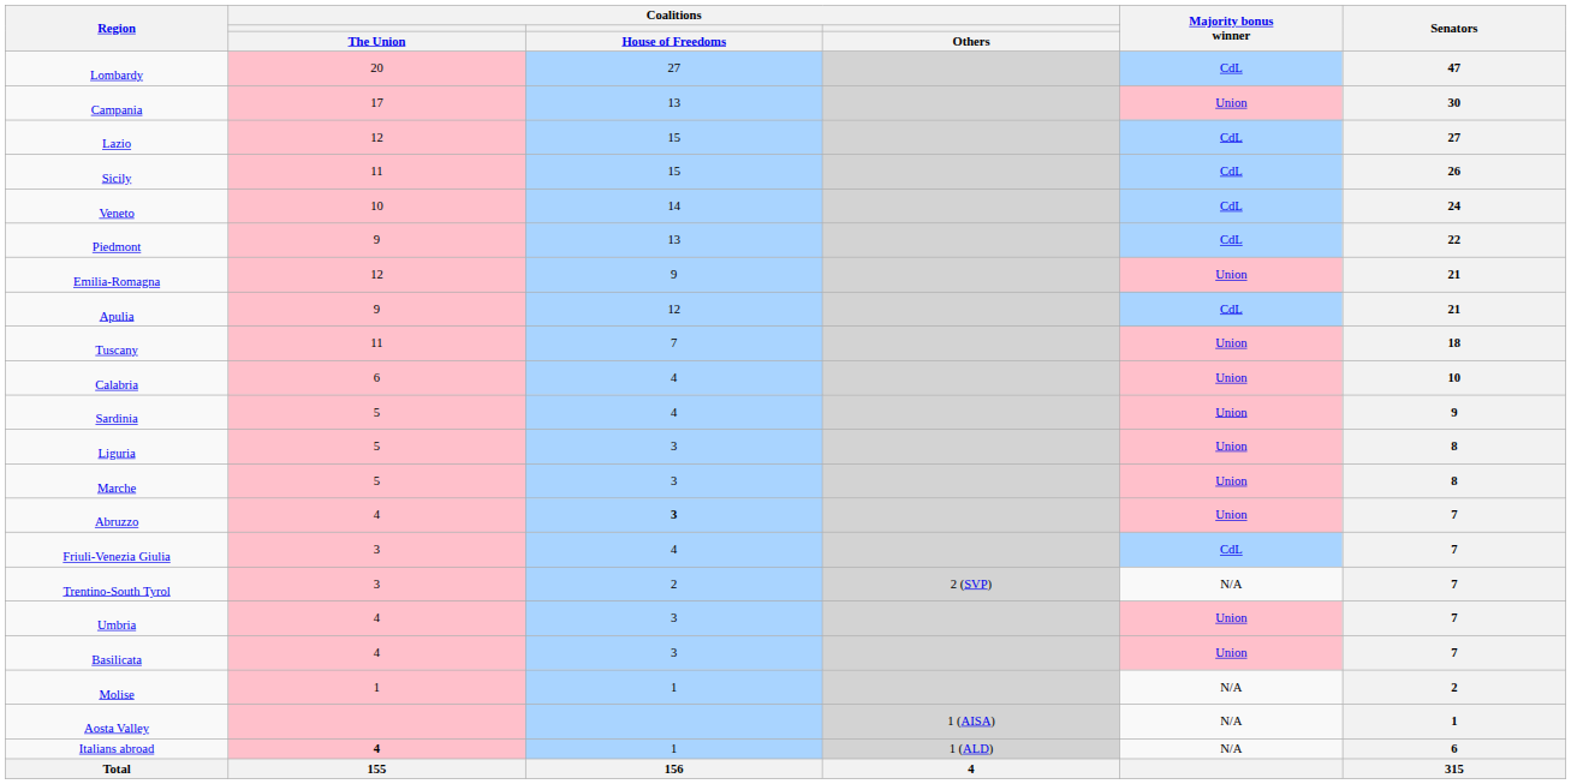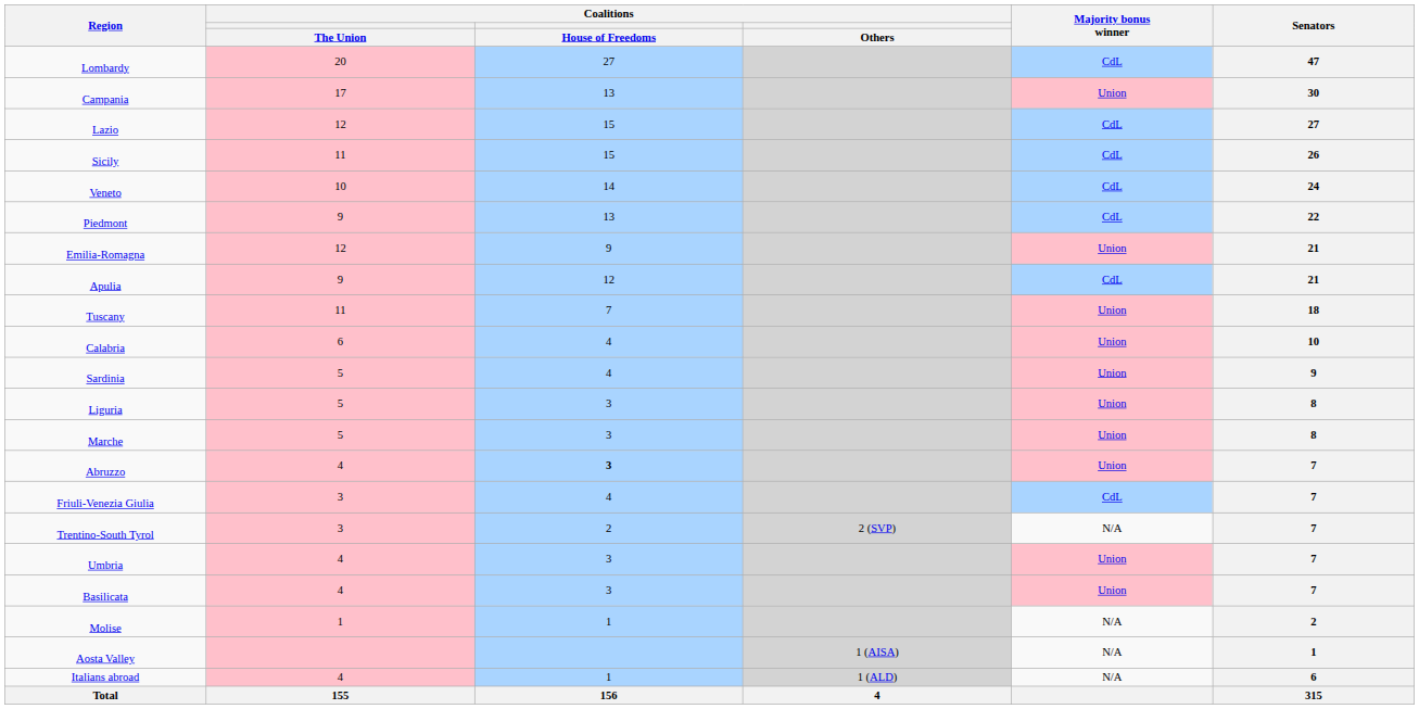 <table class="wikitable" style="text-align:center">
 <tr>
 <th style="width: 5%" rowspan="3"><a href='#'>Region</a></th>
 <th style="width: 20%" colspan=3>Coalitions</th>
 <th style="width: 5%" rowspan="3"><a href='#'>Majority bonus</a><br>winner</th>
 <th style="width: 5%" rowspan="3">Senators</th>
 </tr>
 <tr>
 <th style="width:80px; background-color:"></th>
 <th style="width:80px; background-color:"></th>
 <th style="width:80px; background-color:"></th>
 </tr>
 <tr>
 <th style="width:80px;"><a href='#'>The Union</a></th>
 <th style="width:80px;"><a href='#'>House of Freedoms</a></th>
 <th style="width:80px;">Others</th>
 </tr>
 <tr>
 <td><br><a href='#'>Lombardy</a></td>
 <td style="background:pink; text-align:center;">20</td>
 <td style="background:#a9d4ff; text-align:center;">27</td>
 <td style="background:lightgrey; text-align:center;"></td>
 <td style="background:#a9d4ff; text-align:center;"><a href='#'>CdL</a></td>
 <th>47</th>
 </tr>
 <tr>
 <td><br><a href='#'>Campania</a></td>
 <td style="background:pink; text-align:center;">17</td>
 <td style="background:#a9d4ff; text-align:center;">13</td>
 <td style="background:lightgrey; text-align:center;"></td>
 <td style="background:pink; text-align:center;"><a href='#'>Union</a></td>
 <th>30</th>
 </tr>
 <tr>
 <td><br><a href='#'>Lazio</a></td>
 <td style="background:pink; text-align:center;">12</td>
 <td style="background:#a9d4ff; text-align:center;">15</td>
 <td style="background:lightgrey; text-align:center;"></td>
 <td style="background:#a9d4ff; text-align:center;"><a href='#'>CdL</a></td>
 <th>27</th>
 </tr>
 <tr>
 <td><br><a href='#'>Sicily</a></td>
 <td style="background:pink; text-align:center;">11</td>
 <td style="background:#a9d4ff; text-align:center;">15</td>
 <td style="background:lightgrey; text-align:center;"></td>
 <td style="background:#a9d4ff; text-align:center;"><a href='#'>CdL</a></td>
 <th>26</th>
 </tr>
 <tr>
 <td><br><a href='#'>Veneto</a></td>
 <td style="background:pink; text-align:center;">10</td>
 <td style="background:#a9d4ff; text-align:center;">14</td>
 <td style="background:lightgrey; text-align:center;"></td>
 <td style="background:#a9d4ff; text-align:center;"><a href='#'>CdL</a></td>
 <th>24</th>
 </tr>
 <tr>
 <td><br><a href='#'>Piedmont</a></td>
 <td style="background:pink; text-align:center;">9</td>
 <td style="background:#a9d4ff; text-align:center;">13</td>
 <td style="background:lightgrey; text-align:center;"></td>
 <td style="background:#a9d4ff; text-align:center;"><a href='#'>CdL</a></td>
 <th>22</th>
 </tr>
 <tr>
 <td><br><a href='#'>Emilia-Romagna</a></td>
 <td style="background:pink; text-align:center;">12</td>
 <td style="background:#a9d4ff; text-align:center;">9</td>
 <td style="background:lightgrey; text-align:center;"></td>
 <td style="background:pink; text-align:center;"><a href='#'>Union</a></td>
 <th>21</th>
 </tr>
 <tr>
 <td><br><a href='#'>Apulia</a></td>
 <td style="background:pink; text-align:center;">9</td>
 <td style="background:#a9d4ff; text-align:center;">12</td>
 <td style="background:lightgrey; text-align:center;"></td>
 <td style="background:#a9d4ff; text-align:center;"><a href='#'>CdL</a></td>
 <th>21</th>
 </tr>
 <tr>
 <td><br><a href='#'>Tuscany</a></td>
 <td style="background:pink; text-align:center;">11</td>
 <td style="background:#a9d4ff; text-align:center;">7</td>
 <td style="background:lightgrey; text-align:center;"></td>
 <td style="background:pink; text-align:center;"><a href='#'>Union</a></td>
 <th>18</th>
 </tr>
 <tr>
 <td><br><a href='#'>Calabria</a></td>
 <td style="background:pink; text-align:center;">6</td>
 <td style="background:#a9d4ff; text-align:center;">4</td>
 <td style="background:lightgrey; text-align:center;"></td>
 <td style="background:pink; text-align:center;"><a href='#'>Union</a></td>
 <th>10</th>
 </tr>
 <tr>
 <td><br><a href='#'>Sardinia</a></td>
 <td style="background:pink; text-align:center;">5</td>
 <td style="background:#a9d4ff; text-align:center;">4</td>
 <td style="background:lightgrey; text-align:center;"></td>
 <td style="background:pink; text-align:center;"><a href='#'>Union</a></td>
 <th>9</th>
 </tr>
 <tr>
 <td><br><a href='#'>Liguria</a></td>
 <td style="background:pink; text-align:center;">5</td>
 <td style="background:#a9d4ff; text-align:center;">3</td>
 <td style="background:lightgrey; text-align:center;"></td>
 <td style="background:pink; text-align:center;"><a href='#'>Union</a></td>
 <th>8</th>
 </tr>
 <tr>
 <td><br><a href='#'>Marche</a></td>
 <td style="background:pink; text-align:center;">5</td>
 <td style="background:#a9d4ff; text-align:center;">3</td>
 <td style="background:lightgrey; text-align:center;"></td>
 <td style="background:pink; text-align:center;"><a href='#'>Union</a></td>
 <th>8</th>
 </tr>
 <tr>
 <td><br><a href='#'>Abruzzo</a></td>
 <td style="background:pink; text-align:center;">4</td>
 <td style="background:#a9d4ff; text-align:center;"><strong>3</strong></td>
 <td style="background:lightgrey; text-align:center;"></td>
 <td style="background:pink; text-align:center;"><a href='#'>Union</a></td>
 <th>7</th>
 </tr>
 <tr>
 <td><br><a href='#'>Friuli-Venezia Giulia</a></td>
 <td style="background:pink; text-align:center;">3</td>
 <td style="background:#a9d4ff; text-align:center;">4</td>
 <td style="background:lightgrey; text-align:center;"></td>
 <td style="background:#a9d4ff; text-align:center;"><a href='#'>CdL</a></td>
 <th>7</th>
 </tr>
 <tr>
 <td><br><a href='#'>Trentino-South Tyrol</a></td>
 <td style="background:pink; text-align:center;">3</td>
 <td style="background:#a9d4ff; text-align:center;">2</td>
 <td style="background:lightgrey; text-align:center;">2 (<a href='#'>SVP</a>)</td>
 <td style="text-align:center;">N/A</td>
 <th>7</th>
 </tr>
 <tr>
 <td><br><a href='#'>Umbria</a></td>
 <td style="background:pink; text-align:center;">4</td>
 <td style="background:#a9d4ff; text-align:center;">3</td>
 <td style="background:lightgrey; text-align:center;"></td>
 <td style="background:pink; text-align:center;"><a href='#'>Union</a></td>
 <th>7</th>
 </tr>
 <tr>
 <td><br><a href='#'>Basilicata</a></td>
 <td style="background:pink; text-align:center;">4</td>
 <td style="background:#a9d4ff; text-align:center;">3</td>
 <td style="background:lightgrey; text-align:center;"></td>
 <td style="background:pink; text-align:center;"><a href='#'>Union</a></td>
 <th>7</th>
 </tr>
 <tr>
 <td><br><a href='#'>Molise</a></td>
 <td style="background:pink; text-align:center;">1</td>
 <td style="background:#a9d4ff; text-align:center;">1</td>
 <td style="background:lightgrey; text-align:center;"></td>
 <td style="text-align:center;">N/A</td>
 <th>2</th>
 </tr>
 <tr>
 <td><br><a href='#'>Aosta Valley</a></td>
 <td style="background:pink; text-align:center;"></td>
 <td style="background:#a9d4ff; text-align:center;"></td>
 <td style="background:lightgrey; text-align:center;">1 (<a href='#'>AISA</a>)</td>
 <td style="text-align:center;">N/A</td>
 <th>1</th>
 </tr>
 <tr>
 <td><a href='#'>Italians abroad</a></td>
-<td style="background:pink; text-align:center;"><strong>4</strong></td>
+<td style="background:pink; text-align:center;">4</td>
 <td style="background:#a9d4ff; text-align:center;">1</td>
 <td style="background:lightgrey; text-align:center;">1 (<a href='#'>ALD</a>)</td>
 <td style="text-align:center;">N/A</td>
 <th>6</th>
 </tr>
 <tr>
 <th>Total</th>
 <th>155</th>
 <th>156</th>
 <th>4</th>
 <th></th>
 <th>315</th>
 </tr>
 </table>
